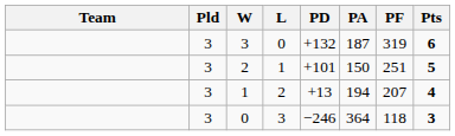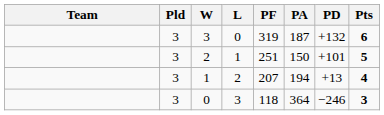 <table class=wikitable style="text-align:center">
 <tr>
 <th width=180>Team</th>
 <th width=30>Pld</th>
 <th width=30>W</th>
 <th width=30>L</th>
+<th width=30>PF</th>
+<th width=30>PA</th>
 <th width=30>PD</th>
-<th width=30>PA</th>
-<th width=30>PF</th>
 <th width=30>Pts</th>
 </tr>
 <tr align=center>
 <td align=left></td>
 <td>3</td>
 <td>3</td>
 <td>0</td>
+<td>319</td>
+<td>187</td>
 <td>+132</td>
-<td>187</td>
-<td>319</td>
 <td><strong>6</strong></td>
 </tr>
 <tr align=center>
 <td align=left></td>
 <td>3</td>
 <td>2</td>
 <td>1</td>
+<td>251</td>
+<td>150</td>
 <td>+101</td>
-<td>150</td>
-<td>251</td>
 <td><strong>5</strong></td>
 </tr>
 <tr align=center>
 <td align=left></td>
 <td>3</td>
 <td>1</td>
 <td>2</td>
+<td>207</td>
+<td>194</td>
 <td>+13</td>
-<td>194</td>
-<td>207</td>
 <td><strong>4</strong></td>
 </tr>
 <tr align=center>
 <td align=left></td>
 <td>3</td>
 <td>0</td>
 <td>3</td>
+<td>118</td>
+<td>364</td>
 <td>−246</td>
-<td>364</td>
-<td>118</td>
 <td><strong>3</strong></td>
 </tr>
 </table>
